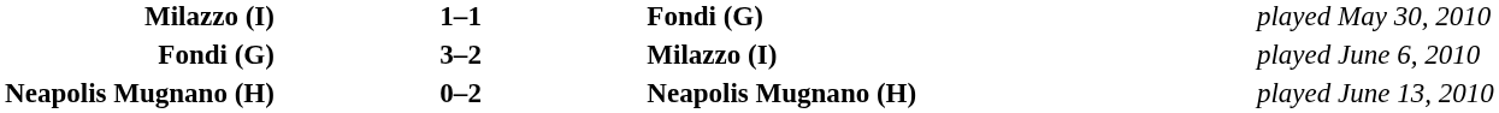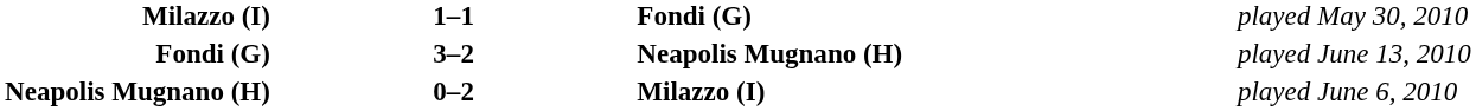 <table width="100%" cellspacing="1">
 <tr>
 <th width="20%"></th>
 <th width="12%"></th>
 <th width="20%"></th>
 <th width="20%"></th>
 <th></th>
 </tr>
 <tr style="font-size:90%;">
 <td align="right"><strong>Milazzo (I)</strong></td>
 <td align="center"><strong>1–1</strong></td>
 <td align="left"><strong>Fondi (G)</strong></td>
 <td align="left"><em>played May 30, 2010</em></td>
 </tr>
 <tr style="font-size:90%;">
 <td align="right"><strong>Fondi (G)</strong></td>
 <td align="center"><strong>3–2</strong></td>
-<td align="left"><strong>Milazzo (I)</strong></td>
-<td align="left"><em>played June 6, 2010</em></td>
+<td align="left"><strong>Neapolis Mugnano (H)</strong></td>
+<td align="left"><em>played June 13, 2010</em></td>
 </tr>
 <tr style="font-size:90%;">
 <td align="right"><strong>Neapolis Mugnano (H)</strong></td>
 <td align="center"><strong>0–2</strong></td>
-<td align="left"><strong>Neapolis Mugnano (H)</strong></td>
-<td align="left"><em>played June 13, 2010</em></td>
+<td align="left"><strong>Milazzo (I)</strong></td>
+<td align="left"><em>played June 6, 2010</em></td>
 </tr>
 </table>
